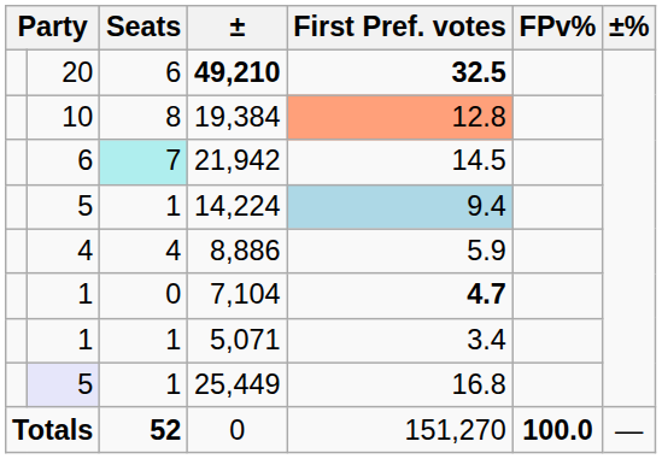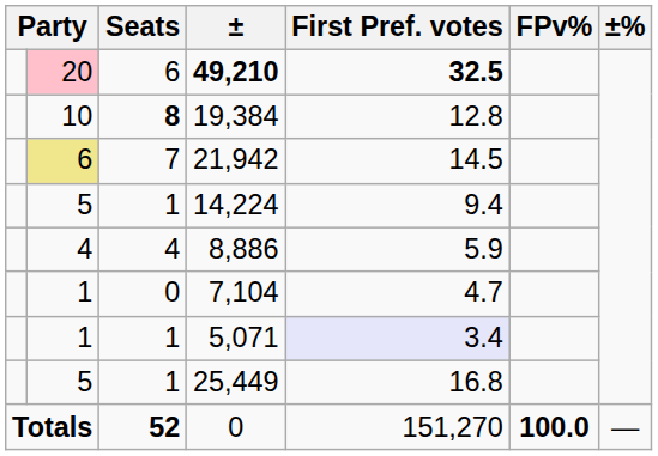 <table class=wikitable>
 <tr>
 <th colspan=2 align=center>Party</th>
 <th valign=top>Seats</th>
 <th valign=top>±</th>
 <th valign=top>First Pref. votes</th>
 <th valign=top>FPv%</th>
 <th valign=top>±%</th>
 </tr>
 <tr>
 <td></td>
-<td align=right>20</td>
+<td align=right style="background: pink;">20</td>
 <td align=right> 6</td>
 <td align=right><strong>49,210</strong></td>
 <td align=right><strong>32.5</strong></td>
 <td align=right></td>
 </tr>
 <tr>
 <td></td>
 <td align=right>10</td>
-<td align=right> 8</td>
+<td align=right><strong> 8</strong></td>
 <td align=right>19,384</td>
-<td align=right style="background: lightsalmon;">12.8</td>
+<td align=right>12.8</td>
 <td align=right></td>
 </tr>
 <tr>
 <td></td>
-<td align=right>6</td>
-<td align=right style="background: paleturquoise;"> 7</td>
+<td align=right style="background: khaki;">6</td>
+<td align=right> 7</td>
 <td align=right>21,942</td>
 <td align=right>14.5</td>
 <td align=right></td>
 </tr>
 <tr>
 <td></td>
 <td align=right>5</td>
 <td align=right> 1</td>
 <td align=right>14,224</td>
-<td align=right style="background: lightblue;">9.4</td>
+<td align=right>9.4</td>
 <td align=right></td>
 </tr>
 <tr>
 <td></td>
 <td align=right>4</td>
 <td align=right> 4</td>
 <td align=right>8,886</td>
 <td align=right>5.9</td>
 <td align=right></td>
 </tr>
 <tr>
 <td></td>
 <td align=right>1</td>
 <td align=right> 0</td>
 <td align=right>7,104</td>
-<td align=right><strong>4.7</strong></td>
+<td align=right>4.7</td>
 <td align=right></td>
 </tr>
 <tr>
 <td></td>
 <td align=right>1</td>
 <td align=right> 1</td>
 <td align=right>5,071</td>
-<td align=right>3.4</td>
+<td align=right style="background: lavender;">3.4</td>
 <td align=right></td>
 </tr>
 <tr>
 <td></td>
-<td align=right style="background: lavender;">5</td>
+<td align=right>5</td>
 <td align=right> 1</td>
 <td align=right>25,449</td>
 <td align=right>16.8</td>
 <td align=right></td>
 </tr>
 <tr>
 <td colspan=2 align=center><strong>Totals</strong></td>
 <td align=right><strong>52</strong></td>
 <td align=center> 0</td>
 <td align=right>151,270</td>
 <td align=center><strong>100.0</strong></td>
 <td align=center>—</td>
 </tr>
 </table>
